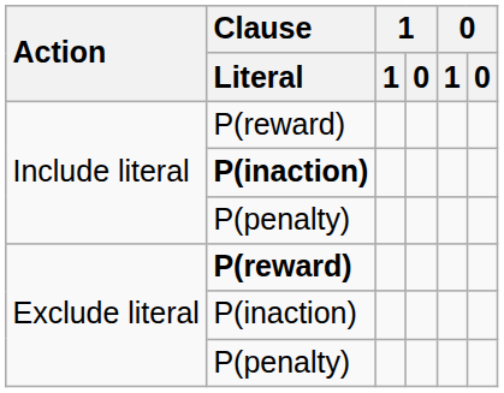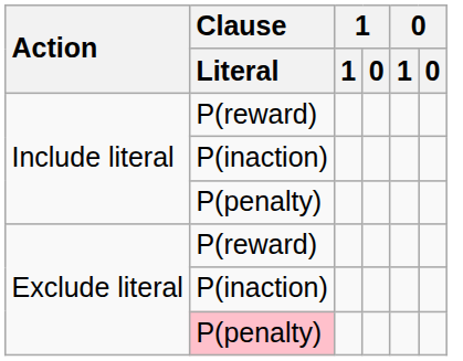 <table class="wikitable" style="text-align:center;">
 <tr>
 <th rowspan="2" style="text-align:left;">Action</th>
 <th style="text-align:left;">Clause</th>
 <th colspan="2">1</th>
 <th colspan="2">0</th>
 </tr>
 <tr>
 <th style="text-align:left;">Literal</th>
 <th>1</th>
 <th>0</th>
 <th>1</th>
 <th>0</th>
 </tr>
 <tr>
 <td rowspan="3" style="text-align:left;">Include literal</td>
 <td style="text-align:left;">P(reward)</td>
 <td></td>
 <td></td>
 <td></td>
 <td></td>
 </tr>
 <tr>
-<td style="text-align:left;"><strong>P(inaction)</strong></td>
+<td style="text-align:left;">P(inaction)</td>
 <td></td>
 <td></td>
 <td></td>
 <td></td>
 </tr>
 <tr>
 <td style="text-align:left;">P(penalty)</td>
 <td></td>
 <td></td>
 <td></td>
 <td></td>
 </tr>
 <tr>
 <td rowspan="3" style="text-align:left;">Exclude literal</td>
-<td style="text-align:left;"><strong>P(reward)</strong></td>
+<td style="text-align:left;">P(reward)</td>
 <td></td>
 <td></td>
 <td></td>
 <td></td>
 </tr>
 <tr>
 <td style="text-align:left;">P(inaction)</td>
 <td></td>
 <td></td>
 <td></td>
 <td></td>
 </tr>
 <tr>
-<td style="text-align:left;">P(penalty)</td>
+<td style="background: pink; text-align:left;">P(penalty)</td>
 <td></td>
 <td></td>
 <td></td>
 <td></td>
 </tr>
 </table>
